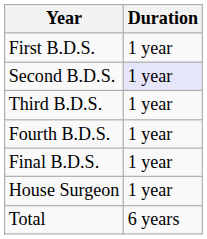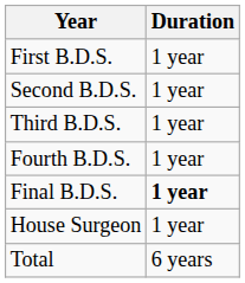 <table class="wikitable">
 <tr>
 <th>Year</th>
 <th>Duration</th>
 </tr>
 <tr>
 <td>First B.D.S.</td>
 <td>1 year</td>
 </tr>
 <tr>
 <td>Second B.D.S.</td>
-<td style="background: lavender;">1 year</td>
+<td>1 year</td>
 </tr>
 <tr>
 <td>Third B.D.S.</td>
 <td>1 year</td>
 </tr>
 <tr>
 <td>Fourth B.D.S.</td>
 <td>1 year</td>
 </tr>
 <tr>
 <td>Final B.D.S.</td>
-<td>1 year</td>
+<td><strong>1 year</strong></td>
 </tr>
 <tr>
 <td>House Surgeon</td>
 <td>1 year</td>
 </tr>
 <tr>
 <td>Total</td>
 <td>6 years</td>
 </tr>
 </table>
